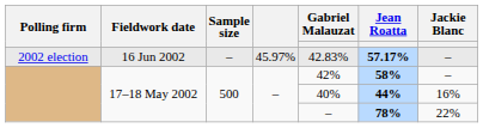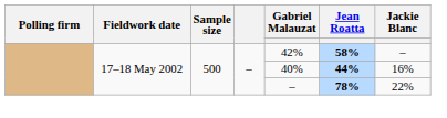 <table class="wikitable sortable" style="text-align:center;font-size:90%;line-height:14px;">
 <tr style="height:40px;">
 <th style="width:100px;" rowspan="2">Polling firm</th>
 <th style="width:110px;" rowspan="2">Fieldwork date</th>
 <th style="width:35px;" rowspan="2">Sample<br>size</th>
 <th style="width:30px;" rowspan="2"></th>
 <th class="unsortable" style="width:60px;">Gabriel Malauzat<br></th>
 <th class="unsortable" style="width:60px;"><a href='#'>Jean Roatta</a><br></th>
 <th class="unsortable" style="width:60px;">Jackie Blanc<br></th>
 </tr>
 <tr>
 <th style="background:"></th>
 <th style="background:"></th>
 <th style="background:"></th>
-</tr>
-<tr style="background:#E9E9E9;">
-<td><a href='#'>2002 election</a></td>
-<td data-sort-value="2002-06-16">16 Jun 2002</td>
-<td>–</td>
-<td>45.97%</td>
-<td>42.83%</td>
-<td style="background:#B9DAFF;"><strong>57.17%</strong></td>
-<td>–</td>
 </tr>
 <tr>
 <td rowspan="3" style="background:burlywood;"></td>
 <td rowspan="3" data-sort-value="2002-05-18">17–18 May 2002</td>
 <td rowspan="3">500</td>
 <td rowspan="3">–</td>
 <td>42%</td>
 <td style="background:#B9DAFF;"><strong>58%</strong></td>
 <td>–</td>
 </tr>
 <tr>
 <td>40%</td>
 <td style="background:#B9DAFF;"><strong>44%</strong></td>
 <td>16%</td>
 </tr>
 <tr>
 <td>–</td>
 <td style="background:#B9DAFF;"><strong>78%</strong></td>
 <td>22%</td>
 </tr>
 </table>
